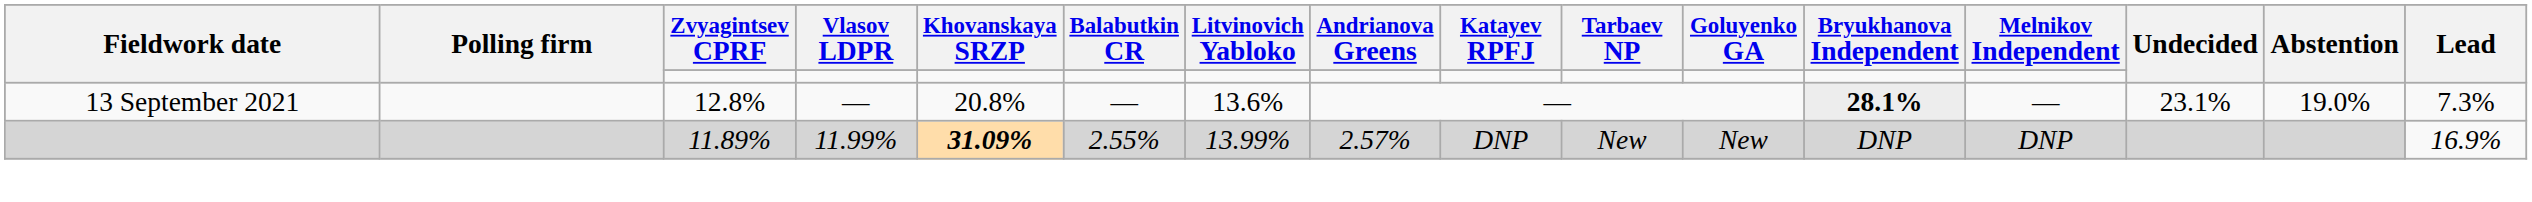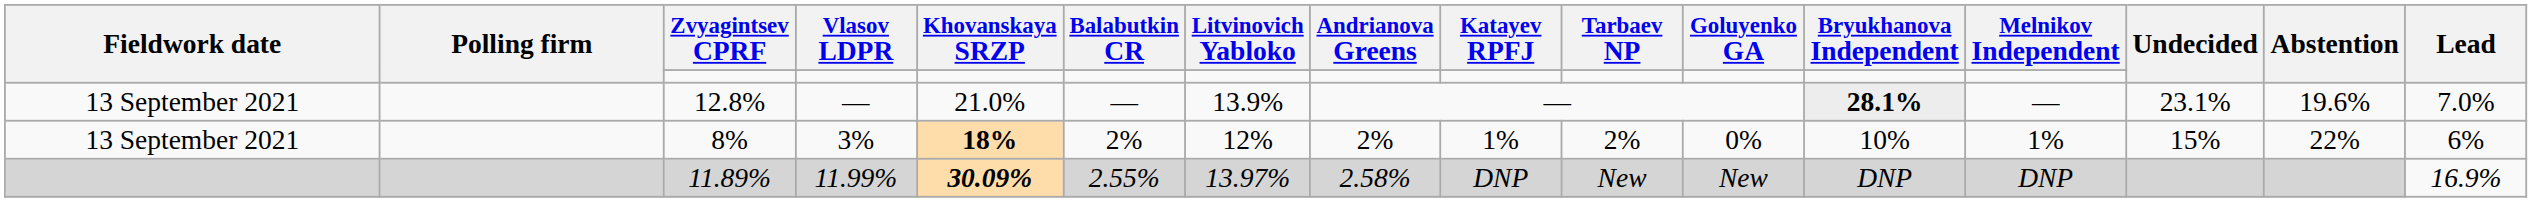 <table class="wikitable" style="font-size:95%; line-height:14px; text-align:center">
 <tr>
 <th rowspan="2" style="width:200px;">Fieldwork date</th>
 <th rowspan="2" style="width:150px;">Polling firm</th>
 <th style="width:60px;"><small><a href='#'>Zvyagintsev</a></small><br><a href='#'>CPRF</a></th>
 <th style="width:60px;"><small><a href='#'>Vlasov</a></small><br><a href='#'>LDPR</a></th>
 <th style="width:60px;"><small><a href='#'>Khovanskaya</a></small><br><a href='#'>SRZP</a></th>
 <th style="width:60px;"><small><a href='#'>Balabutkin</a></small><br><a href='#'>CR</a></th>
 <th style="width:60px;"><small><a href='#'>Litvinovich</a></small><br><a href='#'>Yabloko</a></th>
 <th style="width:60px;"><small><a href='#'>Andrianova</a></small><br><a href='#'>Greens</a></th>
 <th style="width:60px;"><small><a href='#'>Katayev</a></small><br><a href='#'>RPFJ</a></th>
 <th style="width:60px;"><small><a href='#'>Tarbaev</a></small><br><a href='#'>NP</a></th>
 <th style="width:60px;"><small><a href='#'>Goluyenko</a></small><br><a href='#'>GA</a></th>
 <th style="width:60px;"><small><a href='#'>Bryukhanova</a></small><br><a href='#'>Independent</a></th>
 <th style="width:60px;"><small><a href='#'>Melnikov</a></small><br><a href='#'>Independent</a></th>
 <th rowspan="2" style="width:60px;">Undecided</th>
 <th rowspan="2" style="width:60px;">Abstention</th>
 <th rowspan="2" style="width:60px;">Lead</th>
 </tr>
 <tr>
 <td></td>
 <td></td>
 <td></td>
 <td></td>
 <td></td>
 <td></td>
 <td></td>
 <td></td>
 <td></td>
 <td></td>
 <td></td>
 </tr>
 <tr>
 <td>13 September 2021</td>
 <td></td>
 <td>12.8%</td>
 <td>—</td>
-<td>20.8%</td>
+<td>21.0%</td>
 <td>—</td>
-<td>13.6%</td>
+<td>13.9%</td>
 <td colspan=4>—</td>
 <td style="background:#ededed"><strong>28.1%</strong></td>
 <td>—</td>
 <td>23.1%</td>
-<td>19.0%</td>
-<td style="background:">7.3%</td>
+<td>19.6%</td>
+<td style="background:">7.0%</td>
+</tr>
+<tr>
+<td>13 September 2021</td>
+<td></td>
+<td>8%</td>
+<td>3%</td>
+<td style="background:#FFDDAA"><strong>18%</strong></td>
+<td>2%</td>
+<td>12%</td>
+<td>2%</td>
+<td>1%</td>
+<td>2%</td>
+<td>0%</td>
+<td>10%</td>
+<td>1%</td>
+<td>15%</td>
+<td>22%</td>
+<td style="background:">6%</td>
 </tr>
 <tr>
 <td style="background:#D5D5D5"></td>
 <td style="background:#D5D5D5"></td>
 <td style="background:#D5D5D5"><em>11.89%</em></td>
 <td style="background:#D5D5D5"><em>11.99%</em></td>
-<td style="background:#FFDDAA"><strong><em>31.09%</em></strong></td>
+<td style="background:#FFDDAA"><strong><em>30.09%</em></strong></td>
 <td style="background:#D5D5D5"><em>2.55%</em></td>
-<td style="background:#D5D5D5"><em>13.99%</em></td>
-<td style="background:#D5D5D5"><em>2.57%</em></td>
+<td style="background:#D5D5D5"><em>13.97%</em></td>
+<td style="background:#D5D5D5"><em>2.58%</em></td>
 <td style="background:#D5D5D5"><em>DNP</em></td>
 <td style="background:#D5D5D5"><em>New</em></td>
 <td style="background:#D5D5D5"><em>New</em></td>
 <td style="background:#D5D5D5"><em>DNP</em></td>
 <td style="background:#D5D5D5"><em>DNP</em></td>
 <td style="background:#D5D5D5"></td>
 <td style="background:#D5D5D5"></td>
 <td style="background:"><em>16.9%</em></td>
 </tr>
 </table>
